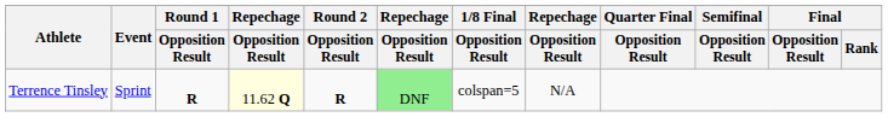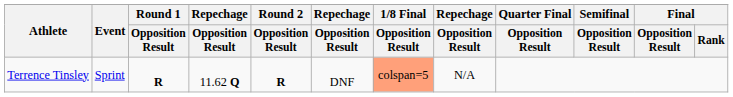 <table class="wikitable" style="font-size:90%;">
 <tr>
 </tr>
 <tr>
 <th rowspan=2>Athlete</th>
 <th rowspan=2>Event</th>
 <th>Round 1</th>
 <th>Repechage</th>
 <th>Round 2</th>
 <th>Repechage</th>
 <th>1/8 Final</th>
 <th>Repechage</th>
 <th>Quarter Final</th>
 <th>Semifinal</th>
 <th colspan=2>Final</th>
 </tr>
 <tr style="font-size:95%">
 <th>Opposition<br>Result</th>
 <th>Opposition<br>Result</th>
 <th>Opposition<br>Result</th>
 <th>Opposition<br>Result</th>
 <th>Opposition<br>Result</th>
 <th>Opposition<br>Result</th>
 <th>Opposition<br>Result</th>
 <th>Opposition<br>Result</th>
 <th>Opposition<br>Result</th>
 <th>Rank</th>
 </tr>
 <tr align=center>
 <td align=left><a href='#'>Terrence Tinsley</a></td>
 <td align=left><a href='#'>Sprint</a></td>
 <td><br><strong>R</strong></td>
-<td style="background: lightyellow;"><br>11.62 <strong>Q</strong></td>
+<td><br>11.62 <strong>Q</strong></td>
 <td><br><strong>R</strong></td>
-<td style="background: lightgreen;"><br>DNF</td>
-<td>colspan=5</td>
+<td><br>DNF</td>
+<td style="background: lightsalmon;">colspan=5</td>
 <td>N/A</td>
 </tr>
 </table>
